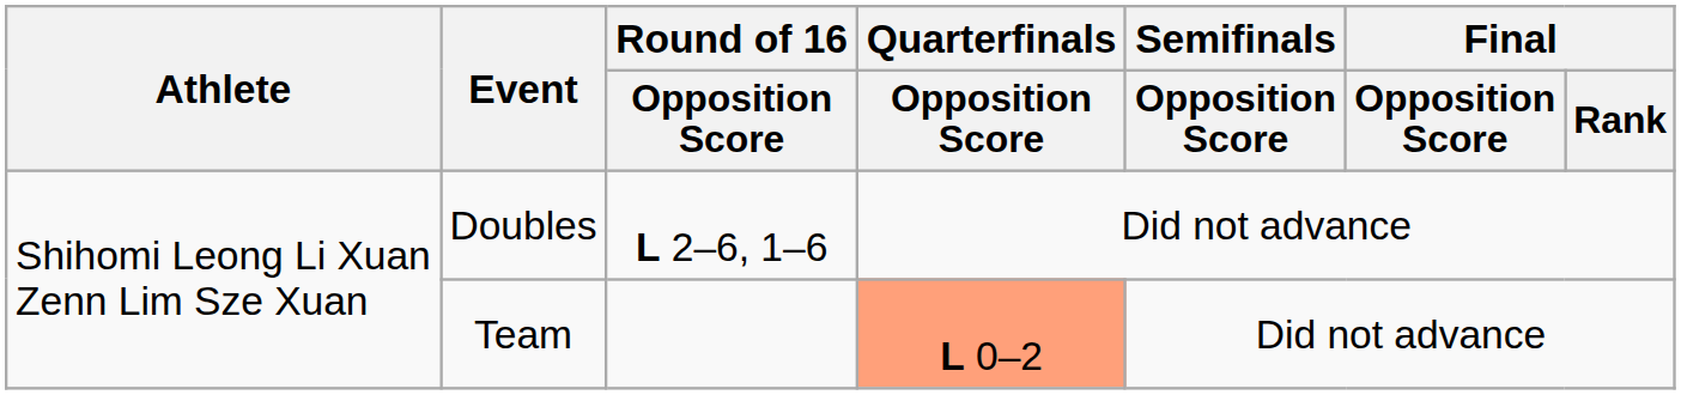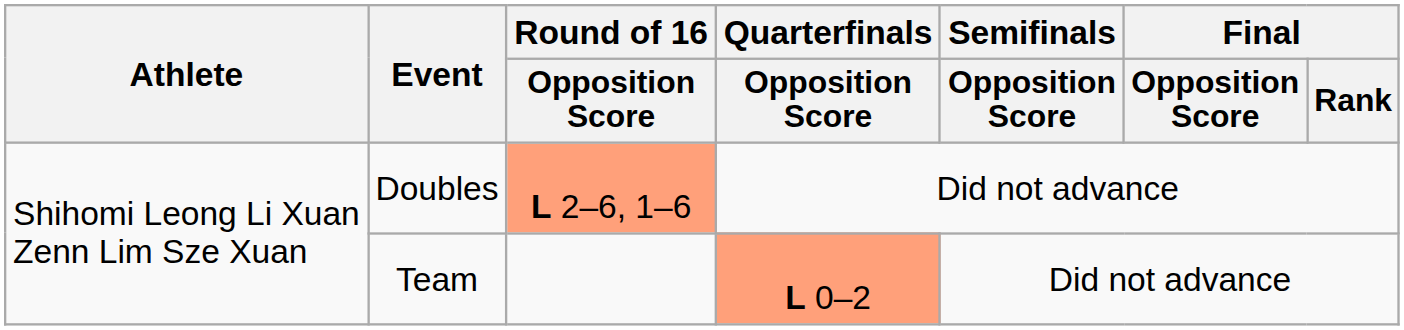 <table class="wikitable" style="font-size:90%">
 <tr>
 <th rowspan=2>Athlete</th>
 <th rowspan=2>Event</th>
 <th>Round of 16</th>
 <th>Quarterfinals</th>
 <th>Semifinals</th>
 <th colspan=2>Final</th>
 </tr>
 <tr style="font-size:95%">
 <th>Opposition<br>Score</th>
 <th>Opposition<br>Score</th>
 <th>Opposition<br>Score</th>
 <th>Opposition<br>Score</th>
 <th>Rank</th>
 </tr>
 <tr align=center>
 <td rowspan=2 align=left>Shihomi Leong Li Xuan<br>Zenn Lim Sze Xuan</td>
 <td>Doubles</td>
-<td><br><strong>L</strong> 2–6, 1–6</td>
+<td style="background: lightsalmon;"><br><strong>L</strong> 2–6, 1–6</td>
 <td colspan=4>Did not advance</td>
 </tr>
 <tr align=center>
 <td>Team</td>
 <td></td>
 <td style="background: lightsalmon;"><br><strong>L</strong> 0–2</td>
 <td colspan=3>Did not advance</td>
 </tr>
 </table>
